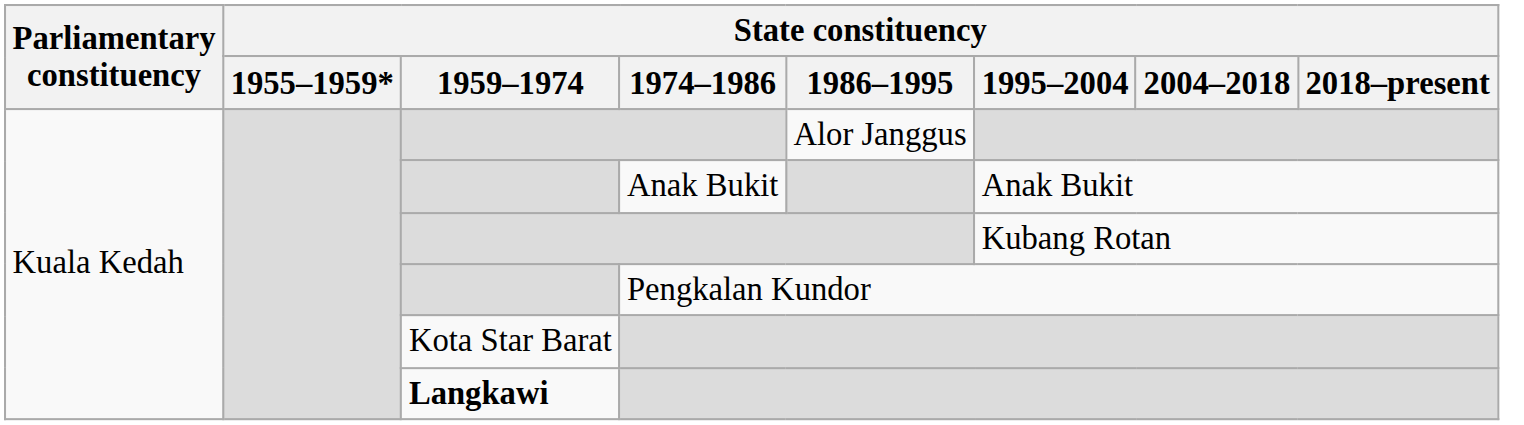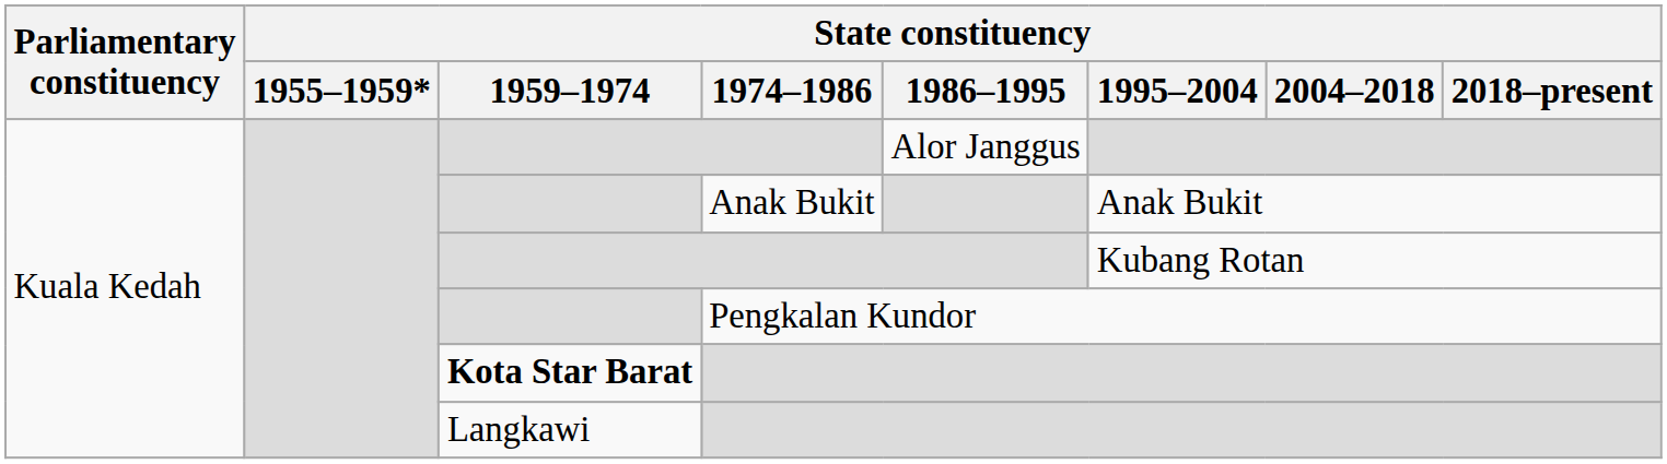 <table class="wikitable">
 <tr>
 <th rowspan="2">Parliamentary<br>constituency</th>
 <th colspan="7">State constituency</th>
 </tr>
 <tr>
 <th>1955–1959*</th>
 <th>1959–1974</th>
 <th>1974–1986</th>
 <th>1986–1995</th>
 <th>1995–2004</th>
 <th>2004–2018</th>
 <th>2018–present</th>
 </tr>
 <tr>
 <td rowspan="6">Kuala Kedah</td>
 <td rowspan="6" bgcolor="dcdcdc"></td>
 <td colspan="2" bgcolor="dcdcdc"></td>
 <td>Alor Janggus</td>
 <td colspan="3" bgcolor="dcdcdc"></td>
 </tr>
 <tr>
 <td bgcolor="dcdcdc"></td>
 <td>Anak Bukit</td>
 <td bgcolor="dcdcdc"></td>
 <td colspan="3">Anak Bukit</td>
 </tr>
 <tr>
 <td colspan="3" bgcolor="dcdcdc"></td>
 <td colspan="3">Kubang Rotan</td>
 </tr>
 <tr>
 <td bgcolor="dcdcdc"></td>
 <td colspan="5">Pengkalan Kundor</td>
 </tr>
 <tr>
-<td>Kota Star Barat</td>
+<td><strong>Kota Star Barat</strong></td>
 <td colspan="5" bgcolor="dcdcdc"></td>
 </tr>
 <tr>
-<td><strong>Langkawi</strong></td>
+<td>Langkawi</td>
 <td colspan="5" bgcolor="dcdcdc"></td>
 </tr>
 </table>
